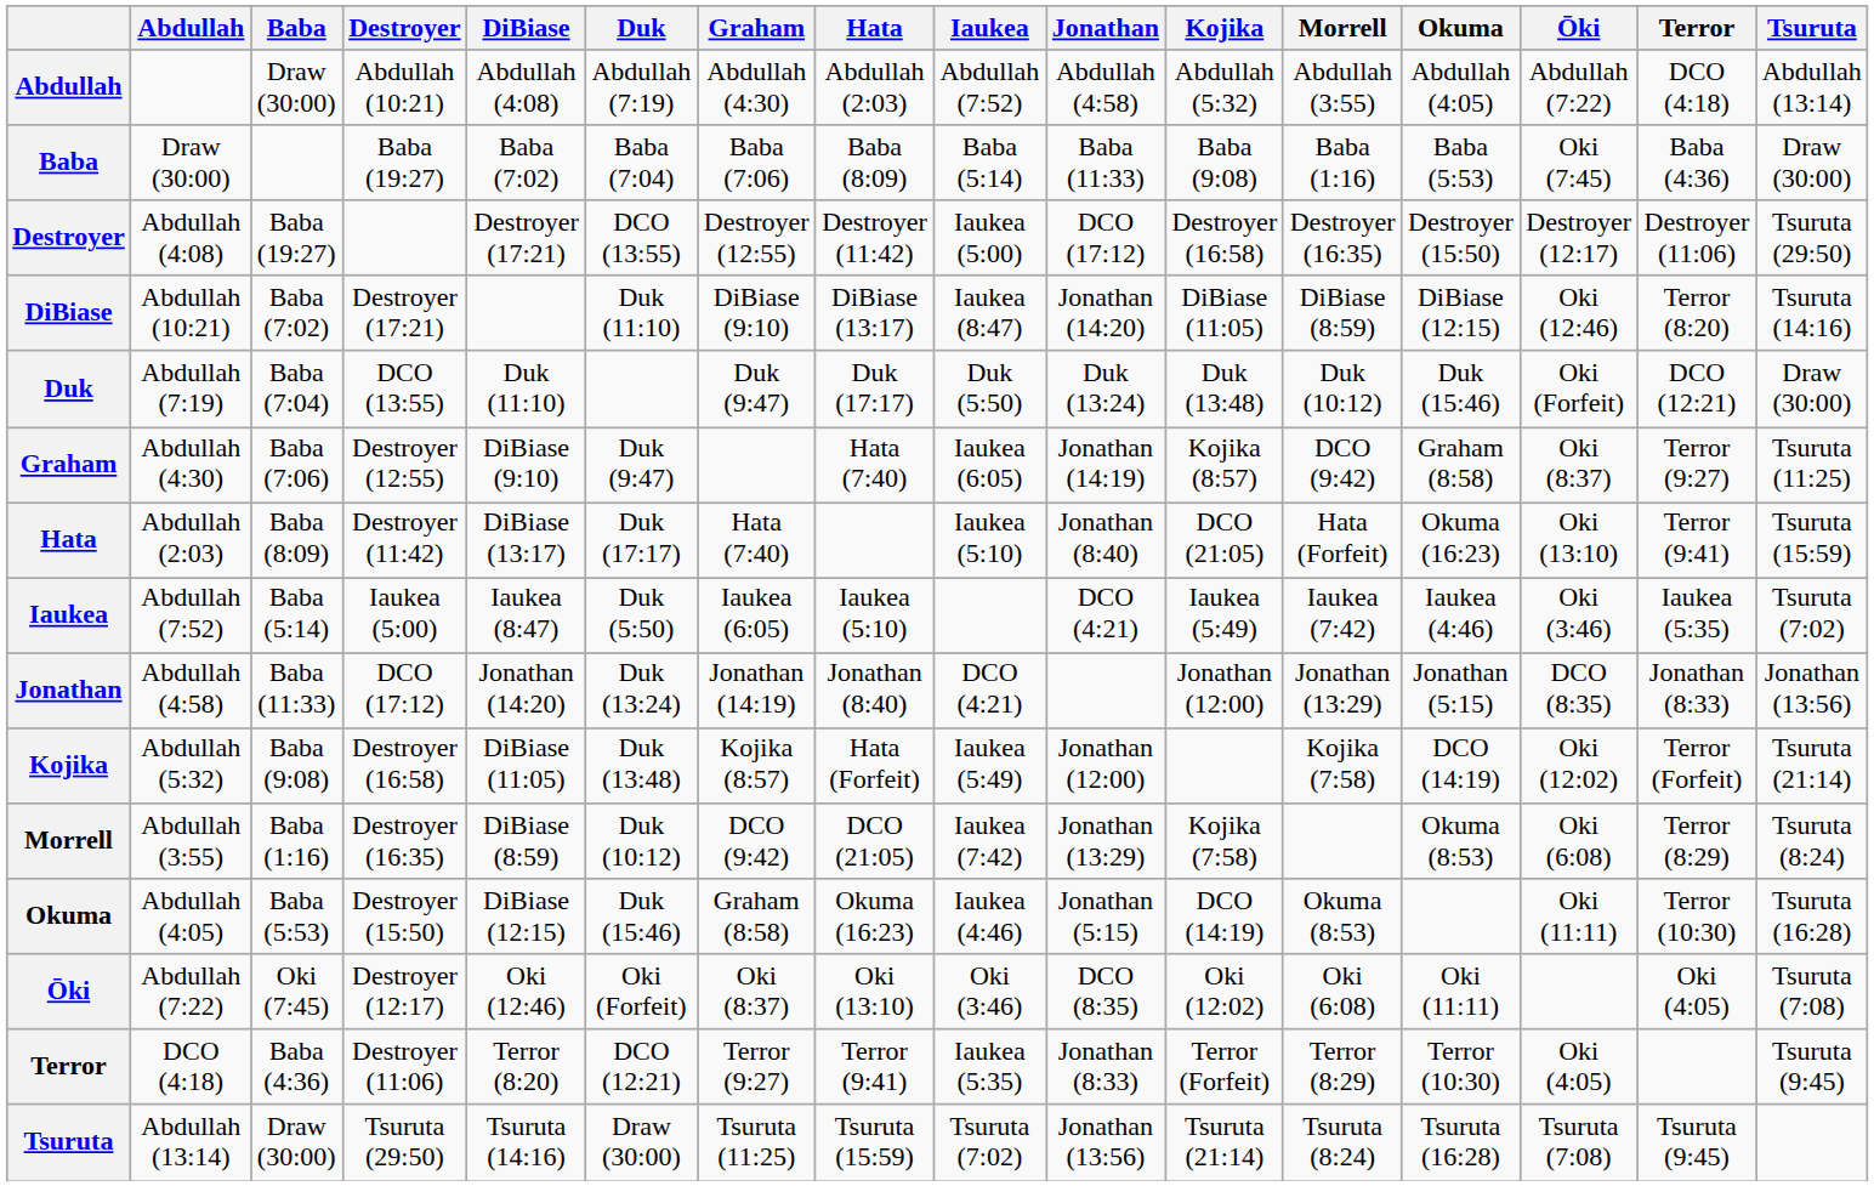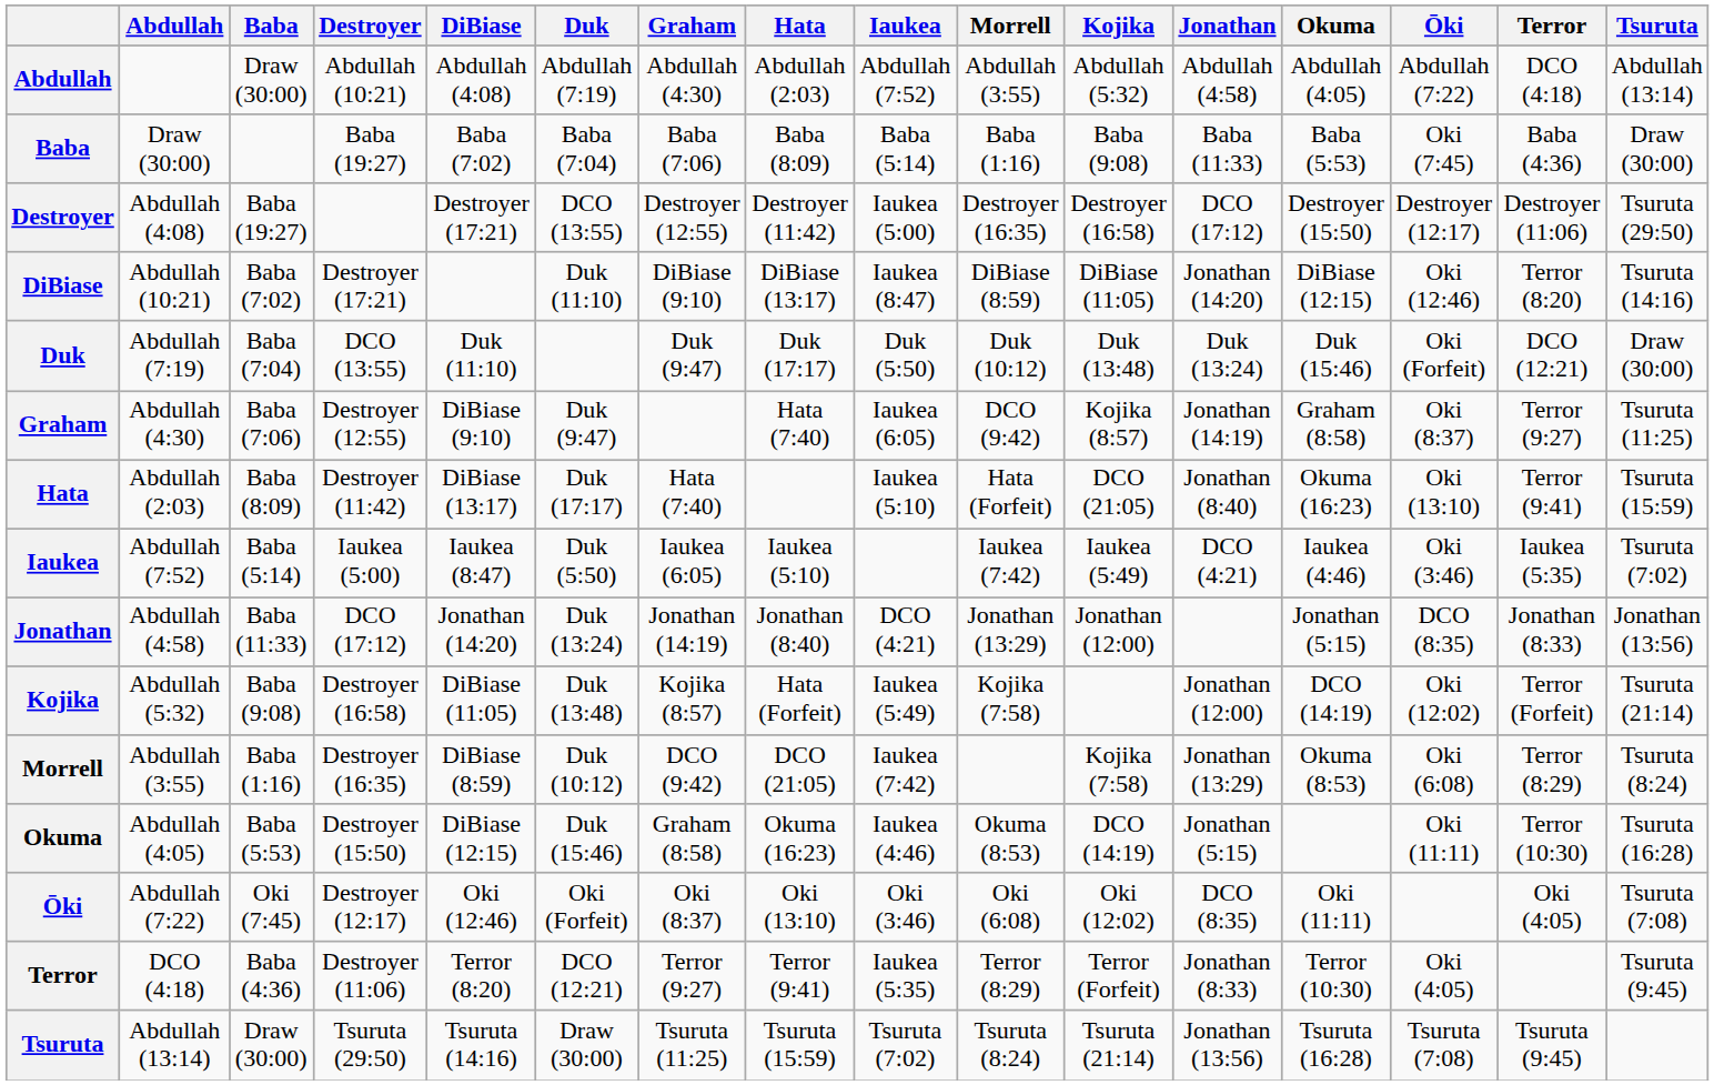 <table class="wikitable" style="margin:1em auto; font-size:80%; text-align:center;">
 <tr>
 <th></th>
 <th><a href='#'>Abdullah</a></th>
 <th><a href='#'>Baba</a></th>
 <th><a href='#'>Destroyer</a></th>
 <th><a href='#'>DiBiase</a></th>
 <th><a href='#'>Duk</a></th>
 <th><a href='#'>Graham</a></th>
 <th><a href='#'>Hata</a></th>
 <th><a href='#'>Iaukea</a></th>
+<th>Morrell</th>
+<th><a href='#'>Kojika</a></th>
 <th><a href='#'>Jonathan</a></th>
-<th><a href='#'>Kojika</a></th>
-<th>Morrell</th>
 <th>Okuma</th>
 <th><a href='#'>Ōki</a></th>
 <th>Terror</th>
 <th><a href='#'>Tsuruta</a></th>
 </tr>
 <tr>
 <th><a href='#'>Abdullah</a></th>
 <td></td>
 <td>Draw<br>(30:00)</td>
 <td>Abdullah<br>(10:21)</td>
 <td>Abdullah<br>(4:08)</td>
 <td>Abdullah<br>(7:19)</td>
 <td>Abdullah<br>(4:30)</td>
 <td>Abdullah<br>(2:03)</td>
 <td>Abdullah<br>(7:52)</td>
+<td>Abdullah<br>(3:55)</td>
+<td>Abdullah<br>(5:32)</td>
 <td>Abdullah<br>(4:58)</td>
-<td>Abdullah<br>(5:32)</td>
-<td>Abdullah<br>(3:55)</td>
 <td>Abdullah<br>(4:05)</td>
 <td>Abdullah<br>(7:22)</td>
 <td>DCO<br>(4:18)</td>
 <td>Abdullah<br>(13:14)</td>
 </tr>
 <tr>
 <th><a href='#'>Baba</a></th>
 <td>Draw<br>(30:00)</td>
 <td></td>
 <td>Baba<br>(19:27)</td>
 <td>Baba<br>(7:02)</td>
 <td>Baba<br>(7:04)</td>
 <td>Baba<br>(7:06)</td>
 <td>Baba<br>(8:09)</td>
 <td>Baba<br>(5:14)</td>
+<td>Baba<br>(1:16)</td>
+<td>Baba<br>(9:08)</td>
 <td>Baba<br>(11:33)</td>
-<td>Baba<br>(9:08)</td>
-<td>Baba<br>(1:16)</td>
 <td>Baba<br>(5:53)</td>
 <td>Oki<br>(7:45)</td>
 <td>Baba<br>(4:36)</td>
 <td>Draw<br>(30:00)</td>
 </tr>
 <tr>
 <th><a href='#'>Destroyer</a></th>
 <td>Abdullah<br>(4:08)</td>
 <td>Baba<br>(19:27)</td>
 <td></td>
 <td>Destroyer<br>(17:21)</td>
 <td>DCO<br>(13:55)</td>
 <td>Destroyer<br>(12:55)</td>
 <td>Destroyer<br>(11:42)</td>
 <td>Iaukea<br>(5:00)</td>
+<td>Destroyer<br>(16:35)</td>
+<td>Destroyer<br>(16:58)</td>
 <td>DCO<br>(17:12)</td>
-<td>Destroyer<br>(16:58)</td>
-<td>Destroyer<br>(16:35)</td>
 <td>Destroyer<br>(15:50)</td>
 <td>Destroyer<br>(12:17)</td>
 <td>Destroyer<br>(11:06)</td>
 <td>Tsuruta<br>(29:50)</td>
 </tr>
 <tr>
 <th><a href='#'>DiBiase</a></th>
 <td>Abdullah<br>(10:21)</td>
 <td>Baba<br>(7:02)</td>
 <td>Destroyer<br>(17:21)</td>
 <td></td>
 <td>Duk<br>(11:10)</td>
 <td>DiBiase<br>(9:10)</td>
 <td>DiBiase<br>(13:17)</td>
 <td>Iaukea<br>(8:47)</td>
+<td>DiBiase<br>(8:59)</td>
+<td>DiBiase<br>(11:05)</td>
 <td>Jonathan<br>(14:20)</td>
-<td>DiBiase<br>(11:05)</td>
-<td>DiBiase<br>(8:59)</td>
 <td>DiBiase<br>(12:15)</td>
 <td>Oki<br>(12:46)</td>
 <td>Terror<br>(8:20)</td>
 <td>Tsuruta<br>(14:16)</td>
 </tr>
 <tr>
 <th><a href='#'>Duk</a></th>
 <td>Abdullah<br>(7:19)</td>
 <td>Baba<br>(7:04)</td>
 <td>DCO<br>(13:55)</td>
 <td>Duk<br>(11:10)</td>
 <td></td>
 <td>Duk<br>(9:47)</td>
 <td>Duk<br>(17:17)</td>
 <td>Duk<br>(5:50)</td>
+<td>Duk<br>(10:12)</td>
+<td>Duk<br>(13:48)</td>
 <td>Duk<br>(13:24)</td>
-<td>Duk<br>(13:48)</td>
-<td>Duk<br>(10:12)</td>
 <td>Duk<br>(15:46)</td>
 <td>Oki<br>(Forfeit)</td>
 <td>DCO<br>(12:21)</td>
 <td>Draw<br>(30:00)</td>
 </tr>
 <tr>
 <th><a href='#'>Graham</a></th>
 <td>Abdullah<br>(4:30)</td>
 <td>Baba<br>(7:06)</td>
 <td>Destroyer<br>(12:55)</td>
 <td>DiBiase<br>(9:10)</td>
 <td>Duk<br>(9:47)</td>
 <td></td>
 <td>Hata<br>(7:40)</td>
 <td>Iaukea<br>(6:05)</td>
+<td>DCO<br>(9:42)</td>
+<td>Kojika<br>(8:57)</td>
 <td>Jonathan<br>(14:19)</td>
-<td>Kojika<br>(8:57)</td>
-<td>DCO<br>(9:42)</td>
 <td>Graham<br>(8:58)</td>
 <td>Oki<br>(8:37)</td>
 <td>Terror<br>(9:27)</td>
 <td>Tsuruta<br>(11:25)</td>
 </tr>
 <tr>
 <th><a href='#'>Hata</a></th>
 <td>Abdullah<br>(2:03)</td>
 <td>Baba<br>(8:09)</td>
 <td>Destroyer<br>(11:42)</td>
 <td>DiBiase<br>(13:17)</td>
 <td>Duk<br>(17:17)</td>
 <td>Hata<br>(7:40)</td>
 <td></td>
 <td>Iaukea<br>(5:10)</td>
+<td>Hata<br>(Forfeit)</td>
+<td>DCO<br>(21:05)</td>
 <td>Jonathan<br>(8:40)</td>
-<td>DCO<br>(21:05)</td>
-<td>Hata<br>(Forfeit)</td>
 <td>Okuma<br>(16:23)</td>
 <td>Oki<br>(13:10)</td>
 <td>Terror<br>(9:41)</td>
 <td>Tsuruta<br>(15:59)</td>
 </tr>
 <tr>
 <th><a href='#'>Iaukea</a></th>
 <td>Abdullah<br>(7:52)</td>
 <td>Baba<br>(5:14)</td>
 <td>Iaukea<br>(5:00)</td>
 <td>Iaukea<br>(8:47)</td>
 <td>Duk<br>(5:50)</td>
 <td>Iaukea<br>(6:05)</td>
 <td>Iaukea<br>(5:10)</td>
 <td></td>
+<td>Iaukea<br>(7:42)</td>
+<td>Iaukea<br>(5:49)</td>
 <td>DCO<br>(4:21)</td>
-<td>Iaukea<br>(5:49)</td>
-<td>Iaukea<br>(7:42)</td>
 <td>Iaukea<br>(4:46)</td>
 <td>Oki<br>(3:46)</td>
 <td>Iaukea<br>(5:35)</td>
 <td>Tsuruta<br>(7:02)</td>
 </tr>
 <tr>
 <th><a href='#'>Jonathan</a></th>
 <td>Abdullah<br>(4:58)</td>
 <td>Baba<br>(11:33)</td>
 <td>DCO<br>(17:12)</td>
 <td>Jonathan<br>(14:20)</td>
 <td>Duk<br>(13:24)</td>
 <td>Jonathan<br>(14:19)</td>
 <td>Jonathan<br>(8:40)</td>
 <td>DCO<br>(4:21)</td>
+<td>Jonathan<br>(13:29)</td>
+<td>Jonathan<br>(12:00)</td>
 <td></td>
-<td>Jonathan<br>(12:00)</td>
-<td>Jonathan<br>(13:29)</td>
 <td>Jonathan<br>(5:15)</td>
 <td>DCO<br>(8:35)</td>
 <td>Jonathan<br>(8:33)</td>
 <td>Jonathan<br>(13:56)</td>
 </tr>
 <tr>
 <th><a href='#'>Kojika</a></th>
 <td>Abdullah<br>(5:32)</td>
 <td>Baba<br>(9:08)</td>
 <td>Destroyer<br>(16:58)</td>
 <td>DiBiase<br>(11:05)</td>
 <td>Duk<br>(13:48)</td>
 <td>Kojika<br>(8:57)</td>
 <td>Hata<br>(Forfeit)</td>
 <td>Iaukea<br>(5:49)</td>
+<td>Kojika<br>(7:58)</td>
+<td></td>
 <td>Jonathan<br>(12:00)</td>
-<td></td>
-<td>Kojika<br>(7:58)</td>
 <td>DCO<br>(14:19)</td>
 <td>Oki<br>(12:02)</td>
 <td>Terror<br>(Forfeit)</td>
 <td>Tsuruta<br>(21:14)</td>
 </tr>
 <tr>
 <th>Morrell</th>
 <td>Abdullah<br>(3:55)</td>
 <td>Baba<br>(1:16)</td>
 <td>Destroyer<br>(16:35)</td>
 <td>DiBiase<br>(8:59)</td>
 <td>Duk<br>(10:12)</td>
 <td>DCO<br>(9:42)</td>
 <td>DCO<br>(21:05)</td>
 <td>Iaukea<br>(7:42)</td>
+<td></td>
+<td>Kojika<br>(7:58)</td>
 <td>Jonathan<br>(13:29)</td>
-<td>Kojika<br>(7:58)</td>
-<td></td>
 <td>Okuma<br>(8:53)</td>
 <td>Oki<br>(6:08)</td>
 <td>Terror<br>(8:29)</td>
 <td>Tsuruta<br>(8:24)</td>
 </tr>
 <tr>
 <th>Okuma</th>
 <td>Abdullah<br>(4:05)</td>
 <td>Baba<br>(5:53)</td>
 <td>Destroyer<br>(15:50)</td>
 <td>DiBiase<br>(12:15)</td>
 <td>Duk<br>(15:46)</td>
 <td>Graham<br>(8:58)</td>
 <td>Okuma<br>(16:23)</td>
 <td>Iaukea<br>(4:46)</td>
+<td>Okuma<br>(8:53)</td>
+<td>DCO<br>(14:19)</td>
 <td>Jonathan<br>(5:15)</td>
-<td>DCO<br>(14:19)</td>
-<td>Okuma<br>(8:53)</td>
 <td></td>
 <td>Oki<br>(11:11)</td>
 <td>Terror<br>(10:30)</td>
 <td>Tsuruta<br>(16:28)</td>
 </tr>
 <tr>
 <th><a href='#'>Ōki</a></th>
 <td>Abdullah<br>(7:22)</td>
 <td>Oki<br>(7:45)</td>
 <td>Destroyer<br>(12:17)</td>
 <td>Oki<br>(12:46)</td>
 <td>Oki<br>(Forfeit)</td>
 <td>Oki<br>(8:37)</td>
 <td>Oki<br>(13:10)</td>
 <td>Oki<br>(3:46)</td>
+<td>Oki<br>(6:08)</td>
+<td>Oki<br>(12:02)</td>
 <td>DCO<br>(8:35)</td>
-<td>Oki<br>(12:02)</td>
-<td>Oki<br>(6:08)</td>
 <td>Oki<br>(11:11)</td>
 <td></td>
 <td>Oki<br>(4:05)</td>
 <td>Tsuruta<br>(7:08)</td>
 </tr>
 <tr>
 <th>Terror</th>
 <td>DCO<br>(4:18)</td>
 <td>Baba<br>(4:36)</td>
 <td>Destroyer<br>(11:06)</td>
 <td>Terror<br>(8:20)</td>
 <td>DCO<br>(12:21)</td>
 <td>Terror<br>(9:27)</td>
 <td>Terror<br>(9:41)</td>
 <td>Iaukea<br>(5:35)</td>
+<td>Terror<br>(8:29)</td>
+<td>Terror<br>(Forfeit)</td>
 <td>Jonathan<br>(8:33)</td>
-<td>Terror<br>(Forfeit)</td>
-<td>Terror<br>(8:29)</td>
 <td>Terror<br>(10:30)</td>
 <td>Oki<br>(4:05)</td>
 <td></td>
 <td>Tsuruta<br>(9:45)</td>
 </tr>
 <tr>
 <th><a href='#'>Tsuruta</a></th>
 <td>Abdullah<br>(13:14)</td>
 <td>Draw<br>(30:00)</td>
 <td>Tsuruta<br>(29:50)</td>
 <td>Tsuruta<br>(14:16)</td>
 <td>Draw<br>(30:00)</td>
 <td>Tsuruta<br>(11:25)</td>
 <td>Tsuruta<br>(15:59)</td>
 <td>Tsuruta<br>(7:02)</td>
+<td>Tsuruta<br>(8:24)</td>
+<td>Tsuruta<br>(21:14)</td>
 <td>Jonathan<br>(13:56)</td>
-<td>Tsuruta<br>(21:14)</td>
-<td>Tsuruta<br>(8:24)</td>
 <td>Tsuruta<br>(16:28)</td>
 <td>Tsuruta<br>(7:08)</td>
 <td>Tsuruta<br>(9:45)</td>
 <td></td>
 </tr>
 </table>
